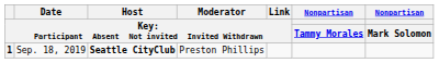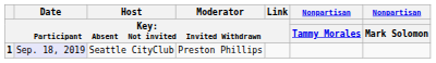 <table class="wikitable" style="text-align:center;">
 <tr>
 <th scope="col"></th>
 <th scope="col">Date</th>
 <th scope="col">Host</th>
 <th scope="col">Moderator</th>
 <th scope="col">Link</th>
 <th scope="col"><small><a href='#'>Nonpartisan</a></small></th>
 <th scope="col"><small><a href='#'>Nonpartisan</a></small></th>
 </tr>
 <tr>
 <th colspan="5" rowspan="2">Key:<br> <small>Participant </small>  <small>Absent </small>  <small>Not invited </small>  <small>Invited  Withdrawn</small></th>
 <th scope="col" style="background:"></th>
 <th scope="col" style="background:"></th>
 </tr>
 <tr>
 <th scope="col"><a href='#'>Tammy Morales</a></th>
 <th scope="col">Mark Solomon</th>
 </tr>
 <tr>
 <th>1</th>
-<td style="white-space:nowrap;">Sep. 18, 2019</td>
-<td style="white-space:nowrap;"><strong>Seattle CityClub</strong></td>
+<td style="background: lavender; white-space:nowrap;">Sep. 18, 2019</td>
+<td style="white-space:nowrap;">Seattle CityClub</td>
 <td style="white-space:nowrap;">Preston Phillips</td>
 <td style="white-space:nowrap;"></td>
 <td></td>
 <td></td>
 </tr>
 </table>
